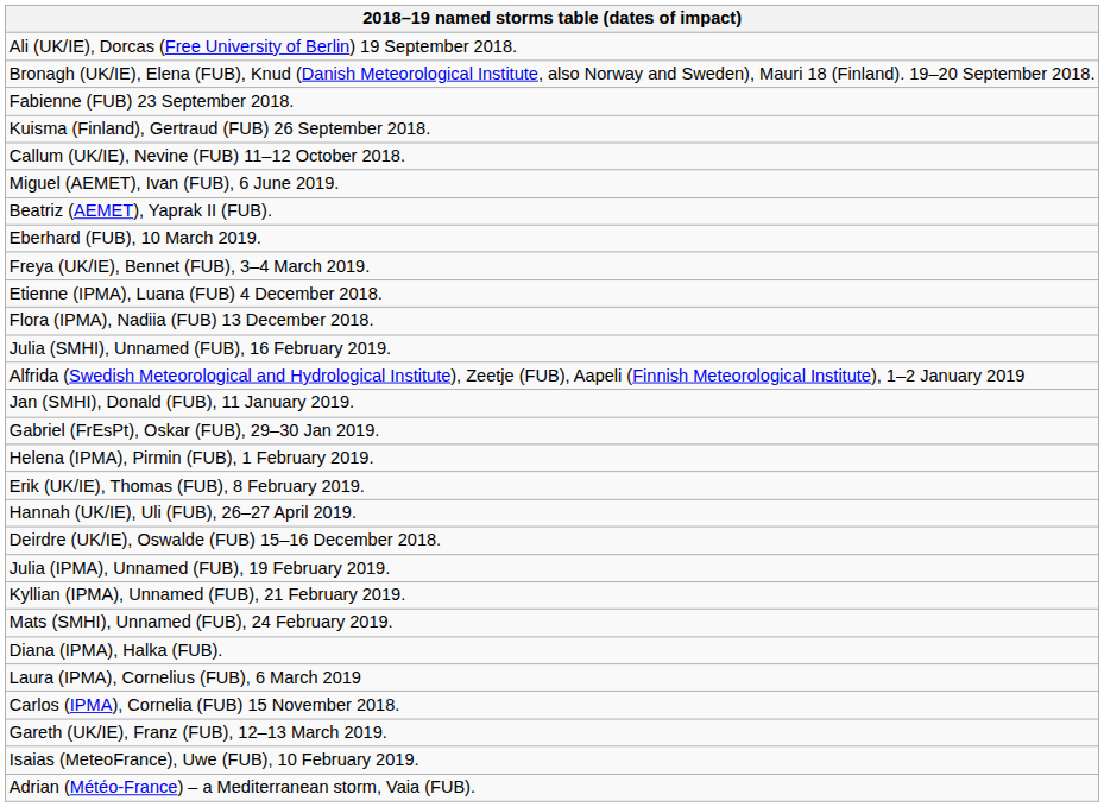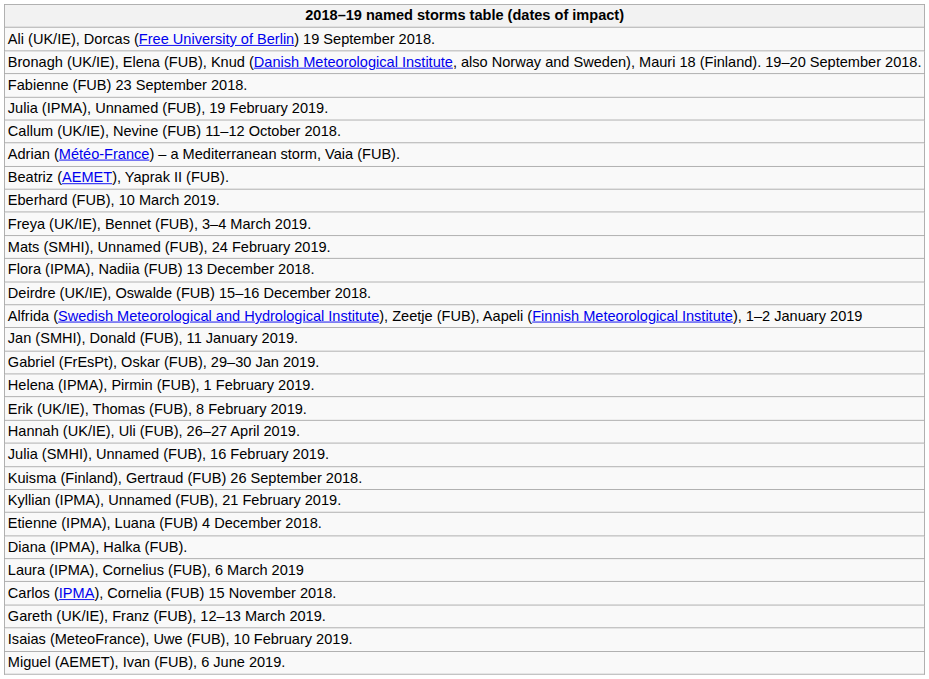 <table class="wikitable sortable">
 <tr>
 <th>2018–19 named storms table (dates of impact)</th>
 </tr>
 <tr>
 <td>Ali (UK/IE), Dorcas (<a href='#'>Free University of Berlin</a>) 19 September 2018.</td>
 </tr>
 <tr>
 <td>Bronagh (UK/IE), Elena (FUB), Knud (<a href='#'>Danish Meteorological Institute</a>, also Norway and Sweden), Mauri 18 (Finland). 19–20 September 2018.</td>
 </tr>
 <tr>
 <td>Fabienne (FUB) 23 September 2018.</td>
 </tr>
 <tr>
-<td>Kuisma (Finland), Gertraud (FUB) 26 September 2018.</td>
+<td>Julia (IPMA), Unnamed (FUB), 19 February 2019.</td>
 </tr>
 <tr>
 <td>Callum (UK/IE), Nevine (FUB) 11–12 October 2018.</td>
 </tr>
 <tr>
-<td>Miguel (AEMET), Ivan (FUB), 6 June 2019.</td>
+<td>Adrian (<a href='#'>Météo-France</a>) – a Mediterranean storm, Vaia (FUB).</td>
 </tr>
 <tr>
 <td>Beatriz (<a href='#'>AEMET</a>), Yaprak II (FUB).</td>
 </tr>
 <tr>
 <td>Eberhard (FUB), 10 March 2019.</td>
 </tr>
 <tr>
 <td>Freya (UK/IE), Bennet (FUB), 3–4 March 2019.</td>
 </tr>
 <tr>
-<td>Etienne (IPMA), Luana (FUB) 4 December 2018.</td>
+<td>Mats (SMHI), Unnamed (FUB), 24 February 2019.</td>
 </tr>
 <tr>
 <td>Flora (IPMA), Nadiia (FUB) 13 December 2018.</td>
 </tr>
 <tr>
-<td>Julia (SMHI), Unnamed (FUB), 16 February 2019.</td>
+<td>Deirdre (UK/IE), Oswalde (FUB) 15–16 December 2018.</td>
 </tr>
 <tr>
 <td>Alfrida (<a href='#'>Swedish Meteorological and Hydrological Institute</a>), Zeetje (FUB), Aapeli (<a href='#'>Finnish Meteorological Institute</a>), 1–2 January 2019</td>
 </tr>
 <tr>
 <td>Jan (SMHI), Donald (FUB), 11 January 2019.</td>
 </tr>
 <tr>
 <td>Gabriel (FrEsPt), Oskar (FUB), 29–30 Jan 2019.</td>
 </tr>
 <tr>
 <td>Helena (IPMA), Pirmin (FUB), 1 February 2019.</td>
 </tr>
 <tr>
 <td>Erik (UK/IE), Thomas (FUB), 8 February 2019.</td>
 </tr>
 <tr>
 <td>Hannah (UK/IE), Uli (FUB), 26–27 April 2019.</td>
 </tr>
 <tr>
-<td>Deirdre (UK/IE), Oswalde (FUB) 15–16 December 2018.</td>
+<td>Julia (SMHI), Unnamed (FUB), 16 February 2019.</td>
 </tr>
 <tr>
-<td>Julia (IPMA), Unnamed (FUB), 19 February 2019.</td>
+<td>Kuisma (Finland), Gertraud (FUB) 26 September 2018.</td>
 </tr>
 <tr>
 <td>Kyllian (IPMA), Unnamed (FUB), 21 February 2019.</td>
 </tr>
 <tr>
-<td>Mats (SMHI), Unnamed (FUB), 24 February 2019.</td>
+<td>Etienne (IPMA), Luana (FUB) 4 December 2018.</td>
 </tr>
 <tr>
 <td>Diana (IPMA), Halka (FUB).</td>
 </tr>
 <tr>
 <td>Laura (IPMA), Cornelius (FUB), 6 March 2019</td>
 </tr>
 <tr>
 <td>Carlos (<a href='#'>IPMA</a>), Cornelia (FUB) 15 November 2018.</td>
 </tr>
 <tr>
 <td>Gareth (UK/IE), Franz (FUB), 12–13 March 2019.</td>
 </tr>
 <tr>
 <td>Isaias (MeteoFrance), Uwe (FUB), 10 February 2019.</td>
 </tr>
 <tr>
-<td>Adrian (<a href='#'>Météo-France</a>) – a Mediterranean storm, Vaia (FUB).</td>
+<td>Miguel (AEMET), Ivan (FUB), 6 June 2019.</td>
 </tr>
 </table>
